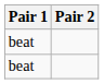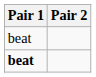 <table class="wikitable">
 <tr>
 <th>Pair 1</th>
 <th>Pair 2</th>
 </tr>
 <tr>
 <td> beat</td>
 <td></td>
 </tr>
 <tr>
-<td> beat</td>
+<td><strong> beat</strong></td>
 <td></td>
 </tr>
 </table>
